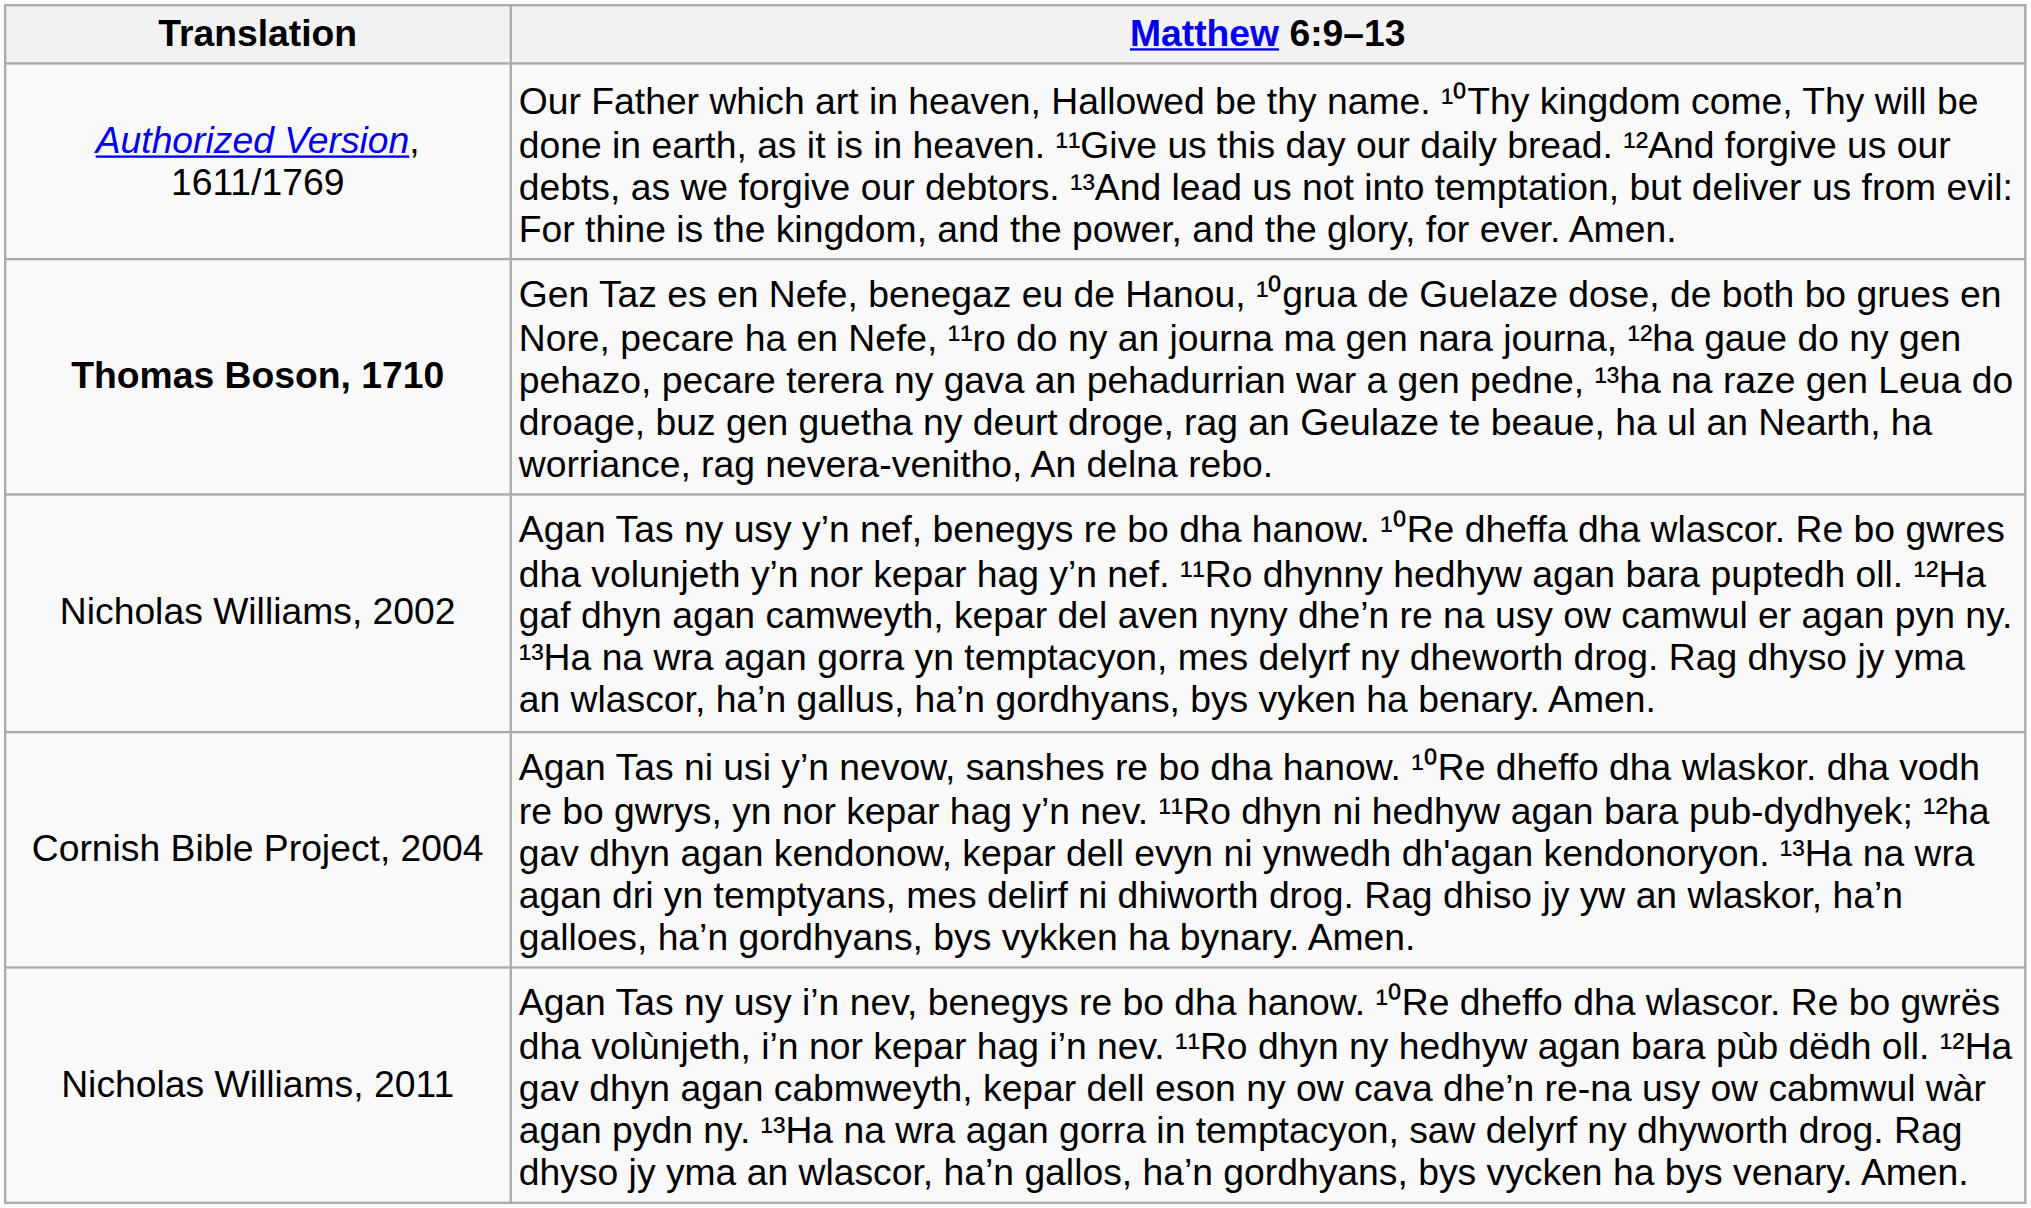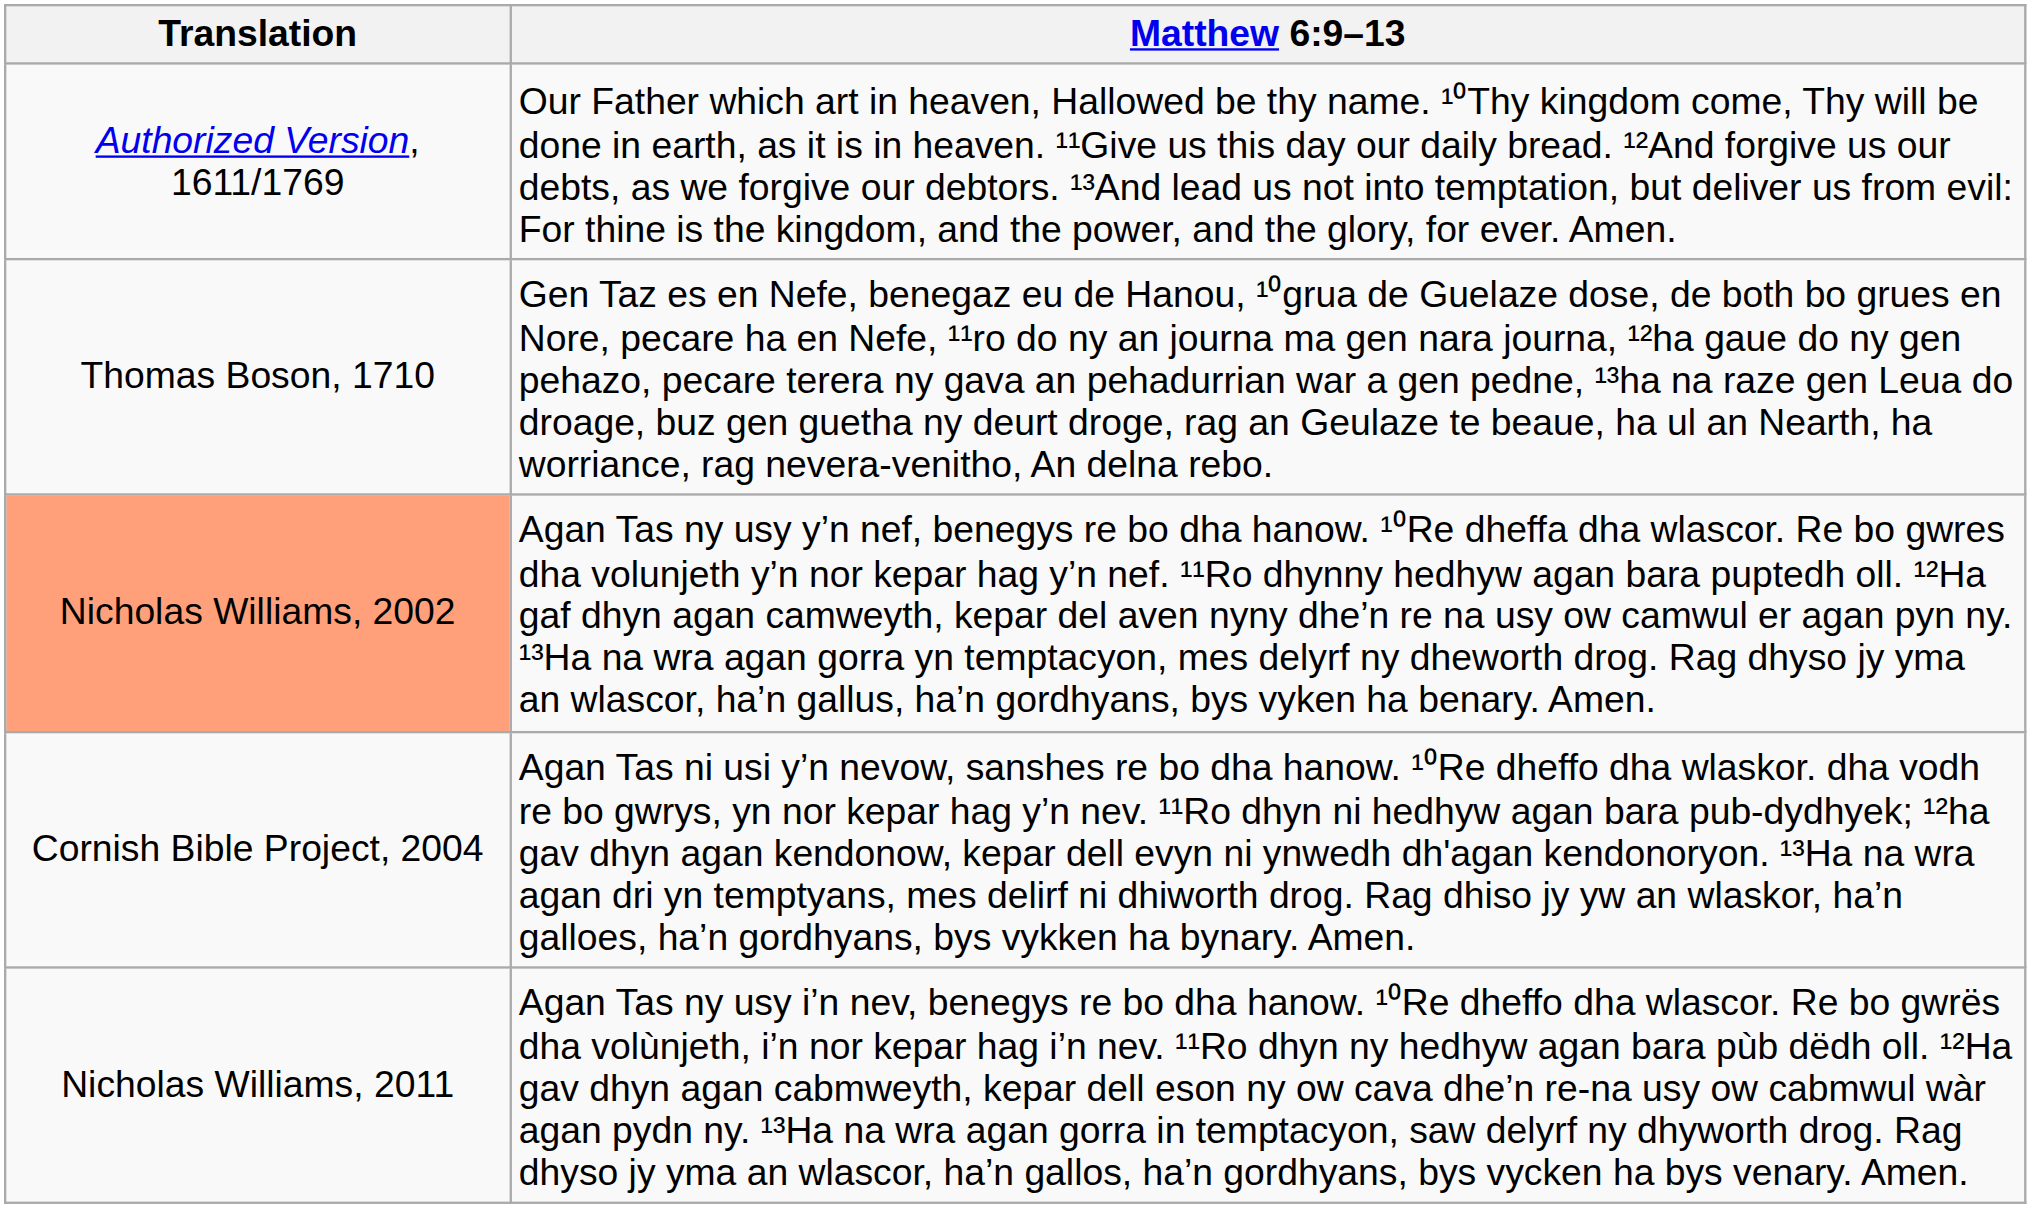 <table class="wikitable">
 <tr>
 <th style="text-align:center; width:25%;">Translation</th>
 <th><a href='#'>Matthew</a> 6:9–13</th>
 </tr>
 <tr>
 <td style="text-align:center;"><em><a href='#'>Authorized Version</a></em>, 1611/1769</td>
 <td>Our Father which art in heaven, Hallowed be thy name. ¹⁰Thy kingdom come, Thy will be done in earth, as it is in heaven. ¹¹Give us this day our daily bread. ¹²And forgive us our debts, as we forgive our debtors. ¹³And lead us not into temptation, but deliver us from evil: For thine is the kingdom, and the power, and the glory, for ever. Amen.</td>
 </tr>
 <tr>
-<td style="text-align:center;"><strong>Thomas Boson, 1710</strong></td>
+<td style="text-align:center;">Thomas Boson, 1710</td>
 <td>Gen Taz es en Nefe, benegaz eu de Hanou, ¹⁰grua de Guelaze dose, de both bo grues en Nore, pecare ha en Nefe, ¹¹ro do ny an journa ma gen nara journa, ¹²ha gaue do ny gen pehazo, pecare terera ny gava an pehadurrian war a gen pedne, ¹³ha na raze gen Leua do droage, buz gen guetha ny deurt droge, rag an Geulaze te beaue, ha ul an Nearth, ha worriance, rag nevera-venitho, An delna rebo.</td>
 </tr>
 <tr>
-<td style="text-align:center;">Nicholas Williams, 2002</td>
+<td style="background: lightsalmon; text-align:center;">Nicholas Williams, 2002</td>
 <td>Agan Tas ny usy y’n nef, benegys re bo dha hanow. ¹⁰Re dheffa dha wlascor. Re bo gwres dha volunjeth y’n nor kepar hag y’n nef. ¹¹Ro dhynny hedhyw agan bara puptedh oll. ¹²Ha gaf dhyn agan camweyth, kepar del aven nyny dhe’n re na usy ow camwul er agan pyn ny. ¹³Ha na wra agan gorra yn temptacyon, mes delyrf ny dheworth drog. Rag dhyso jy yma an wlascor, ha’n gallus, ha’n gordhyans, bys vyken ha benary. Amen.</td>
 </tr>
 <tr>
 <td style="text-align:center;">Cornish Bible Project, 2004</td>
 <td>Agan Tas ni usi y’n nevow, sanshes re bo dha hanow. ¹⁰Re dheffo dha wlaskor. dha vodh re bo gwrys, yn nor kepar hag y’n nev. ¹¹Ro dhyn ni hedhyw agan bara pub-dydhyek; ¹²ha gav dhyn agan kendonow, kepar dell evyn ni ynwedh dh'agan kendonoryon. ¹³Ha na wra agan dri yn temptyans, mes delirf ni dhiworth drog. Rag dhiso jy yw an wlaskor, ha’n galloes, ha’n gordhyans, bys vykken ha bynary. Amen.</td>
 </tr>
 <tr>
 <td style="text-align:center;">Nicholas Williams, 2011</td>
 <td>Agan Tas ny usy i’n nev, benegys re bo dha hanow. ¹⁰Re dheffo dha wlascor. Re bo gwrës dha volùnjeth, i’n nor kepar hag i’n nev. ¹¹Ro dhyn ny hedhyw agan bara pùb dëdh oll. ¹²Ha gav dhyn agan cabmweyth, kepar dell eson ny ow cava dhe’n re-na usy ow cabmwul wàr agan pydn ny. ¹³Ha na wra agan gorra in temptacyon, saw delyrf ny dhyworth drog. Rag dhyso jy yma an wlascor, ha’n gallos, ha’n gordhyans, bys vycken ha bys venary. Amen.</td>
 </tr>
 </table>
